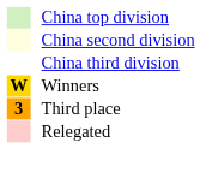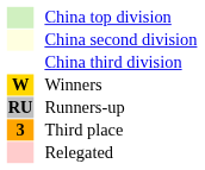 <table style="border:1px solid #fff; background-:#fff;" cellspacing="1" cellpadding="1">
 <tr>
 <td style="background:#d0f0c0; width:20px;"></td>
 <td style="background:#fff; text-align:left;">  <a href='#'>China top division</a></td>
 </tr>
 <tr>
 <td style="background:#ffffe0; width:20px;"></td>
 <td style="background:#fff; text-align:left;">  <a href='#'>China second division</a></td>
 </tr>
 <tr>
 <th style="background:#fff; width:20px;"></th>
 <td style="background:#fff; text-align:left;">  <a href='#'>China third division</a></td>
 </tr>
 <tr>
 <th style="background:gold; width:20px;">W</th>
 <td style="background:#fff; text-align:left;">  Winners</td>
 </tr>
 <tr>
+<th style="background:silver; width:20px;">RU</th>
+<td style="background:#fff; text-align:left;">  Runners-up</td>
+</tr>
+<tr>
 <th style="background:orange; width:20px;">3</th>
 <td style="background:#fff; text-align:left;">  Third place</td>
 </tr>
 <tr>
 <th style="background:#fcc; width:20px;"></th>
 <td style="background:#fff; text-align:left;">  Relegated</td>
 </tr>
 </table>
